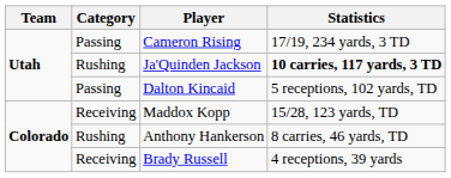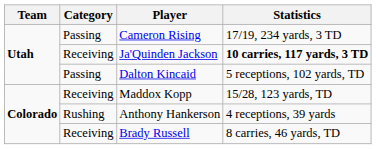 <table class="wikitable" style="float: right;">
 <tr>
 <th>Team</th>
 <th>Category</th>
 <th>Player</th>
 <th>Statistics</th>
 </tr>
 <tr>
 <td rowspan=3><strong>Utah</strong></td>
 <td>Passing</td>
 <td><a href='#'>Cameron Rising</a></td>
 <td>17/19, 234 yards, 3 TD</td>
 </tr>
 <tr>
-<td>Rushing</td>
+<td>Receiving</td>
 <td><a href='#'>Ja'Quinden Jackson</a></td>
 <td><strong>10 carries, 117 yards, 3 TD</strong></td>
 </tr>
 <tr>
 <td>Passing</td>
 <td><a href='#'>Dalton Kincaid</a></td>
 <td>5 receptions, 102 yards, TD</td>
 </tr>
 <tr>
 <td rowspan=3><strong>Colorado</strong></td>
 <td>Receiving</td>
 <td>Maddox Kopp</td>
 <td>15/28, 123 yards, TD</td>
 </tr>
 <tr>
 <td>Rushing</td>
 <td>Anthony Hankerson</td>
-<td>8 carries, 46 yards, TD</td>
+<td>4 receptions, 39 yards</td>
 </tr>
 <tr>
 <td>Receiving</td>
 <td><a href='#'>Brady Russell</a></td>
-<td>4 receptions, 39 yards</td>
+<td>8 carries, 46 yards, TD</td>
 </tr>
 </table>
